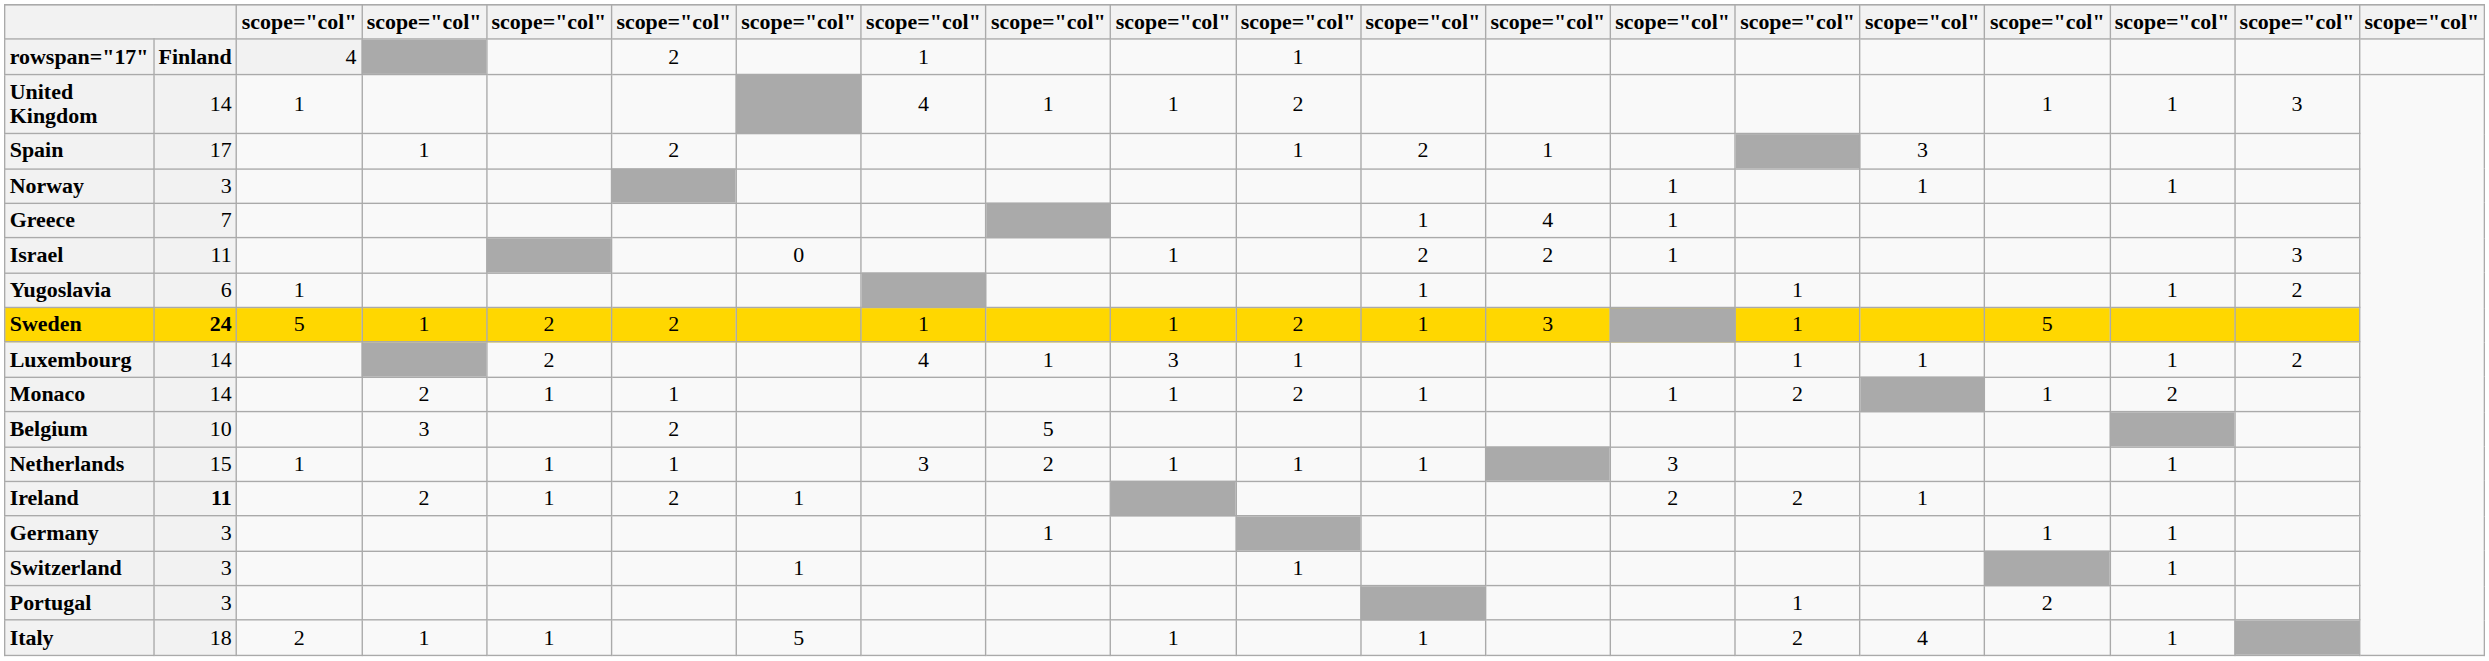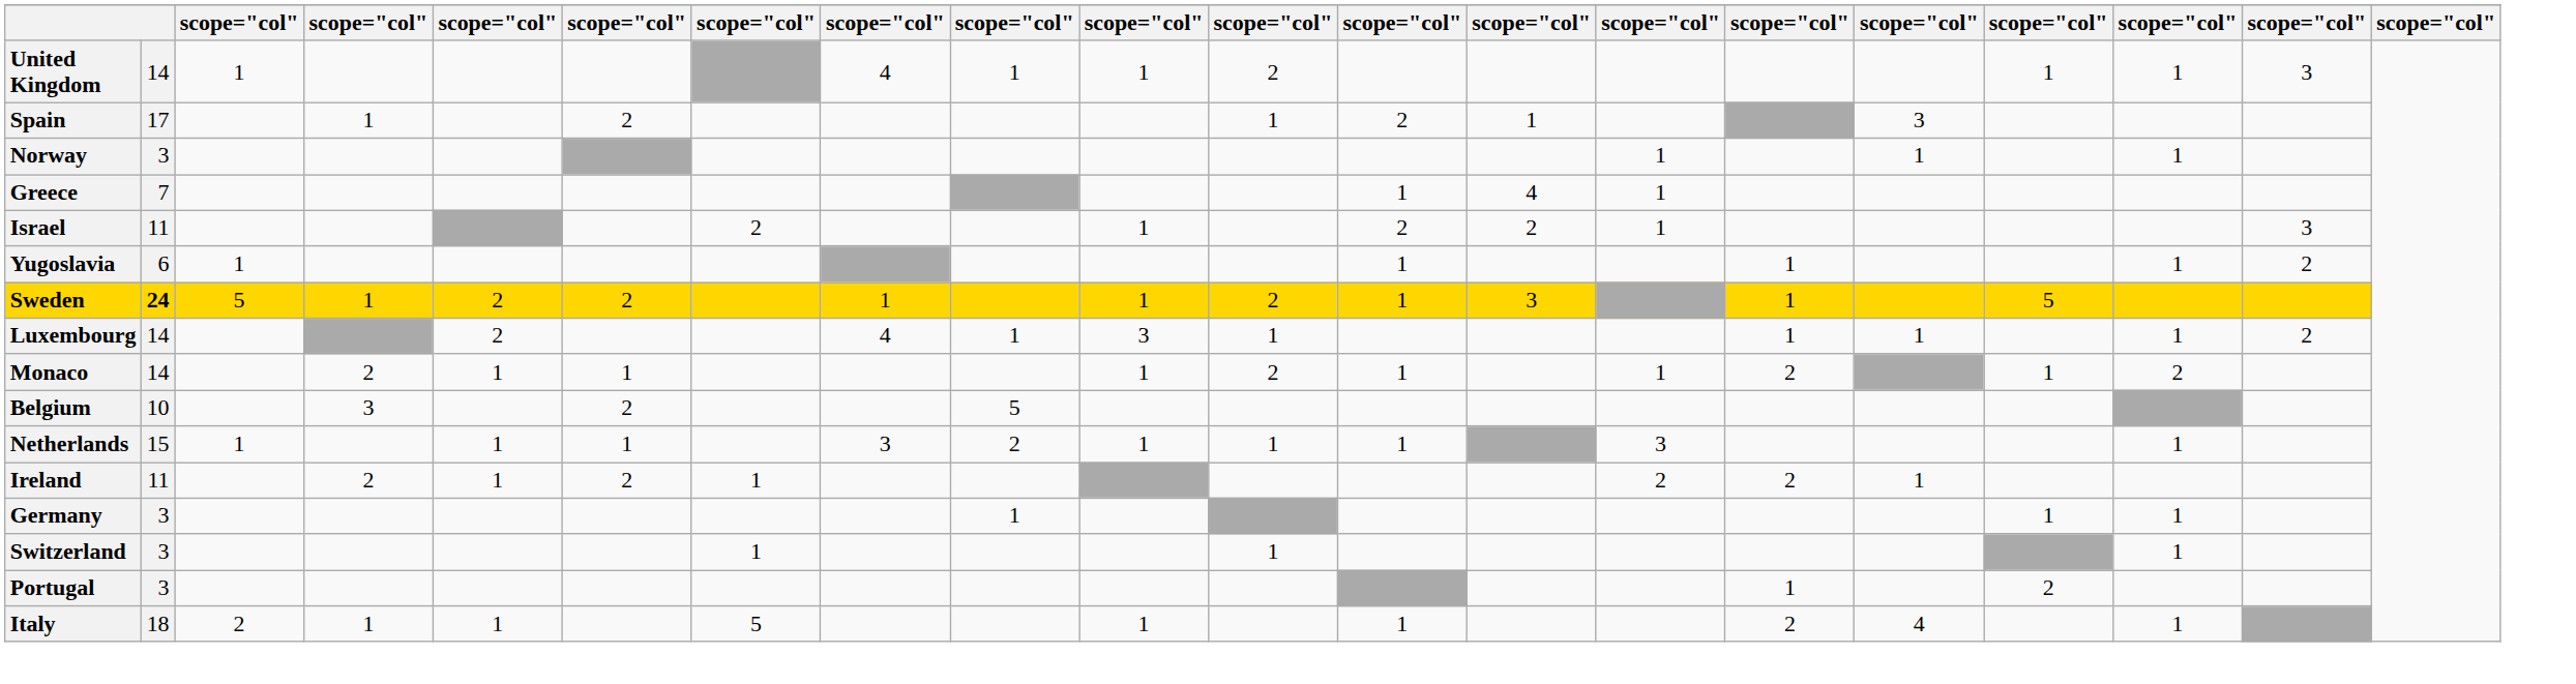 <table class="wikitable plainrowheaders" style="text-align:center;">
 <tr>
 </tr>
 <tr>
 <th colspan="2"></th>
 <th>scope="col" </th>
 <th>scope="col" </th>
 <th>scope="col" </th>
 <th>scope="col" </th>
 <th>scope="col" </th>
 <th>scope="col" </th>
 <th>scope="col" </th>
 <th>scope="col" </th>
 <th>scope="col" </th>
 <th>scope="col" </th>
 <th>scope="col" </th>
 <th>scope="col" </th>
 <th>scope="col" </th>
 <th>scope="col" </th>
 <th>scope="col" </th>
 <th>scope="col" </th>
 <th>scope="col" </th>
 <th>scope="col" </th>
-</tr>
-<tr>
-<th>rowspan="17" </th>
-<th scope="row" style="text-align:left; background:#f2f2f2;">Finland</th>
-<td style="text-align:right; background:#f2f2f2;">4</td>
-<td style="text-align:left; background:#aaa;"></td>
-<td></td>
-<td>2</td>
-<td></td>
-<td>1</td>
-<td></td>
-<td></td>
-<td>1</td>
-<td></td>
-<td></td>
-<td></td>
-<td></td>
-<td></td>
-<td></td>
-<td></td>
-<td></td>
-<td></td>
 </tr>
 <tr>
 <th scope="row" style="text-align:left; background:#f2f2f2;">United Kingdom</th>
 <td style="text-align:right; background:#f2f2f2;">14</td>
 <td>1</td>
 <td></td>
 <td></td>
 <td></td>
 <td style="text-align:left; background:#aaa;"></td>
 <td>4</td>
 <td>1</td>
 <td>1</td>
 <td>2</td>
 <td></td>
 <td></td>
 <td></td>
 <td></td>
 <td></td>
 <td>1</td>
 <td>1</td>
 <td>3</td>
 </tr>
 <tr>
 <th scope="row" style="text-align:left; background:#f2f2f2;">Spain</th>
 <td style="text-align:right; background:#f2f2f2;">17</td>
 <td></td>
 <td>1</td>
 <td></td>
 <td>2</td>
 <td></td>
 <td></td>
 <td></td>
 <td></td>
 <td>1</td>
 <td>2</td>
 <td>1</td>
 <td></td>
 <td style="text-align:left; background:#aaa;"></td>
 <td>3</td>
 <td></td>
 <td></td>
 <td></td>
 </tr>
 <tr>
 <th scope="row" style="text-align:left; background:#f2f2f2;">Norway</th>
 <td style="text-align:right; background:#f2f2f2;">3</td>
 <td></td>
 <td></td>
 <td></td>
 <td style="text-align:left; background:#aaa;"></td>
 <td></td>
 <td></td>
 <td></td>
 <td></td>
 <td></td>
 <td></td>
 <td></td>
 <td>1</td>
 <td></td>
 <td>1</td>
 <td></td>
 <td>1</td>
 <td></td>
 </tr>
 <tr>
 <th scope="row" style="text-align:left; background:#f2f2f2;">Greece</th>
 <td style="text-align:right; background:#f2f2f2;">7</td>
 <td></td>
 <td></td>
 <td></td>
 <td></td>
 <td></td>
 <td></td>
 <td style="text-align:left; background:#aaa;"></td>
 <td></td>
 <td></td>
 <td>1</td>
 <td>4</td>
 <td>1</td>
 <td></td>
 <td></td>
 <td></td>
 <td></td>
 <td></td>
 </tr>
 <tr>
 <th scope="row" style="text-align:left; background:#f2f2f2;">Israel</th>
 <td style="text-align:right; background:#f2f2f2;">11</td>
 <td></td>
 <td></td>
 <td style="text-align:left; background:#aaa;"></td>
 <td></td>
-<td>0</td>
+<td>2</td>
 <td></td>
 <td></td>
 <td>1</td>
 <td></td>
 <td>2</td>
 <td>2</td>
 <td>1</td>
 <td></td>
 <td></td>
 <td></td>
 <td></td>
 <td>3</td>
 </tr>
 <tr>
 <th scope="row" style="text-align:left; background:#f2f2f2;">Yugoslavia</th>
 <td style="text-align:right; background:#f2f2f2;">6</td>
 <td>1</td>
 <td></td>
 <td></td>
 <td></td>
 <td></td>
 <td style="text-align:left; background:#aaa;"></td>
 <td></td>
 <td></td>
 <td></td>
 <td>1</td>
 <td></td>
 <td></td>
 <td>1</td>
 <td></td>
 <td></td>
 <td>1</td>
 <td>2</td>
 </tr>
 <tr style="background:gold;">
 <th scope="row" style="text-align:left; font-weight:bold; background:gold;">Sweden</th>
 <td style="text-align:right; font-weight:bold;">24</td>
 <td>5</td>
 <td>1</td>
 <td>2</td>
 <td>2</td>
 <td></td>
 <td>1</td>
 <td></td>
 <td>1</td>
 <td>2</td>
 <td>1</td>
 <td>3</td>
 <td style="text-align:left; background:#aaa;"></td>
 <td>1</td>
 <td></td>
 <td>5</td>
 <td></td>
 <td></td>
 </tr>
 <tr>
 <th scope="row" style="text-align:left; background:#f2f2f2;">Luxembourg</th>
 <td style="text-align:right; background:#f2f2f2;">14</td>
 <td></td>
 <td style="text-align:left; background:#aaa;"></td>
 <td>2</td>
 <td></td>
 <td></td>
 <td>4</td>
 <td>1</td>
 <td>3</td>
 <td>1</td>
 <td></td>
 <td></td>
 <td></td>
 <td>1</td>
 <td>1</td>
 <td></td>
 <td>1</td>
 <td>2</td>
 </tr>
 <tr>
 <th scope="row" style="text-align:left; background:#f2f2f2;">Monaco</th>
 <td style="text-align:right; background:#f2f2f2;">14</td>
 <td></td>
 <td>2</td>
 <td>1</td>
 <td>1</td>
 <td></td>
 <td></td>
 <td></td>
 <td>1</td>
 <td>2</td>
 <td>1</td>
 <td></td>
 <td>1</td>
 <td>2</td>
 <td style="text-align:left; background:#aaa;"></td>
 <td>1</td>
 <td>2</td>
 <td></td>
 </tr>
 <tr>
 <th scope="row" style="text-align:left; background:#f2f2f2;">Belgium</th>
 <td style="text-align:right; background:#f2f2f2;">10</td>
 <td></td>
 <td>3</td>
 <td></td>
 <td>2</td>
 <td></td>
 <td></td>
 <td>5</td>
 <td></td>
 <td></td>
 <td></td>
 <td></td>
 <td></td>
 <td></td>
 <td></td>
 <td></td>
 <td style="text-align:left; background:#aaa;"></td>
 <td></td>
 </tr>
 <tr>
 <th scope="row" style="text-align:left; background:#f2f2f2;">Netherlands</th>
 <td style="text-align:right; background:#f2f2f2;">15</td>
 <td>1</td>
 <td></td>
 <td>1</td>
 <td>1</td>
 <td></td>
 <td>3</td>
 <td>2</td>
 <td>1</td>
 <td>1</td>
 <td>1</td>
 <td style="text-align:left; background:#aaa;"></td>
 <td>3</td>
 <td></td>
 <td></td>
 <td></td>
 <td>1</td>
 <td></td>
 </tr>
 <tr>
 <th scope="row" style="text-align:left; background:#f2f2f2;">Ireland</th>
-<td style="text-align:right; background:#f2f2f2;"><strong>11</strong></td>
+<td style="text-align:right; background:#f2f2f2;">11</td>
 <td></td>
 <td>2</td>
 <td>1</td>
 <td>2</td>
 <td>1</td>
 <td></td>
 <td></td>
 <td style="text-align:left; background:#aaa;"></td>
 <td></td>
 <td></td>
 <td></td>
 <td>2</td>
 <td>2</td>
 <td>1</td>
 <td></td>
 <td></td>
 <td></td>
 </tr>
 <tr>
 <th scope="row" style="text-align:left; background:#f2f2f2;">Germany</th>
 <td style="text-align:right; background:#f2f2f2;">3</td>
 <td></td>
 <td></td>
 <td></td>
 <td></td>
 <td></td>
 <td></td>
 <td>1</td>
 <td></td>
 <td style="text-align:left; background:#aaa;"></td>
 <td></td>
 <td></td>
 <td></td>
 <td></td>
 <td></td>
 <td>1</td>
 <td>1</td>
 <td></td>
 </tr>
 <tr>
 <th scope="row" style="text-align:left; background:#f2f2f2;">Switzerland</th>
 <td style="text-align:right; background:#f2f2f2;">3</td>
 <td></td>
 <td></td>
 <td></td>
 <td></td>
 <td>1</td>
 <td></td>
 <td></td>
 <td></td>
 <td>1</td>
 <td></td>
 <td></td>
 <td></td>
 <td></td>
 <td></td>
 <td style="text-align:left; background:#aaa;"></td>
 <td>1</td>
 <td></td>
 </tr>
 <tr>
 <th scope="row" style="text-align:left; background:#f2f2f2;">Portugal</th>
 <td style="text-align:right; background:#f2f2f2;">3</td>
 <td></td>
 <td></td>
 <td></td>
 <td></td>
 <td></td>
 <td></td>
 <td></td>
 <td></td>
 <td></td>
 <td style="text-align:left; background:#aaa;"></td>
 <td></td>
 <td></td>
 <td>1</td>
 <td></td>
 <td>2</td>
 <td></td>
 <td></td>
 </tr>
 <tr>
 <th scope="row" style="text-align:left; background:#f2f2f2;">Italy</th>
 <td style="text-align:right; background:#f2f2f2;">18</td>
 <td>2</td>
 <td>1</td>
 <td>1</td>
 <td></td>
 <td>5</td>
 <td></td>
 <td></td>
 <td>1</td>
 <td></td>
 <td>1</td>
 <td></td>
 <td></td>
 <td>2</td>
 <td>4</td>
 <td></td>
 <td>1</td>
 <td style="text-align:left; background:#aaa;"></td>
 </tr>
 </table>
